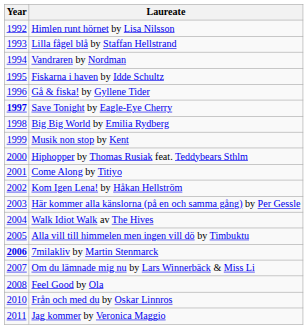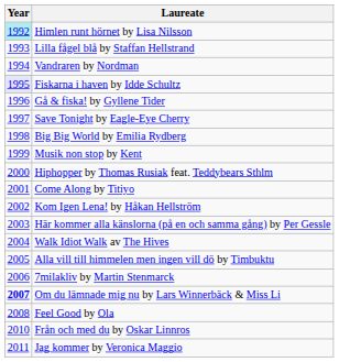 <table class="wikitable">
 <tr>
 <th>Year</th>
 <th>Laureate</th>
 </tr>
 <tr>
-<td><a href='#'>1992</a></td>
+<td style="background: paleturquoise;"><a href='#'>1992</a></td>
 <td><a href='#'>Himlen runt hörnet</a> by <a href='#'>Lisa Nilsson</a></td>
 </tr>
 <tr>
 <td><a href='#'>1993</a></td>
 <td><a href='#'>Lilla fågel blå</a> by <a href='#'>Staffan Hellstrand</a></td>
 </tr>
 <tr>
 <td><a href='#'>1994</a></td>
 <td><a href='#'>Vandraren</a> by <a href='#'>Nordman</a></td>
 </tr>
 <tr>
-<td><a href='#'>1995</a></td>
+<td style="background: lavender;"><a href='#'>1995</a></td>
 <td><a href='#'>Fiskarna i haven</a> by <a href='#'>Idde Schultz</a></td>
 </tr>
 <tr>
 <td><a href='#'>1996</a></td>
 <td><a href='#'>Gå & fiska!</a> by <a href='#'>Gyllene Tider</a></td>
 </tr>
 <tr>
-<td><strong><a href='#'>1997</a></strong></td>
+<td><a href='#'>1997</a></td>
 <td><a href='#'>Save Tonight</a> by <a href='#'>Eagle-Eye Cherry</a></td>
 </tr>
 <tr>
 <td><a href='#'>1998</a></td>
 <td><a href='#'>Big Big World</a> by <a href='#'>Emilia Rydberg</a></td>
 </tr>
 <tr>
 <td><a href='#'>1999</a></td>
 <td><a href='#'>Musik non stop</a> by <a href='#'>Kent</a></td>
 </tr>
 <tr>
 <td><a href='#'>2000</a></td>
 <td><a href='#'>Hiphopper</a> by <a href='#'>Thomas Rusiak</a> feat. <a href='#'>Teddybears Sthlm</a></td>
 </tr>
 <tr>
 <td><a href='#'>2001</a></td>
 <td><a href='#'>Come Along</a> by <a href='#'>Titiyo</a></td>
 </tr>
 <tr>
 <td><a href='#'>2002</a></td>
 <td><a href='#'>Kom Igen Lena!</a> by <a href='#'>Håkan Hellström</a></td>
 </tr>
 <tr>
 <td><a href='#'>2003</a></td>
 <td><a href='#'>Här kommer alla känslorna (på en och samma gång)</a> by <a href='#'>Per Gessle</a></td>
 </tr>
 <tr>
 <td><a href='#'>2004</a></td>
 <td><a href='#'>Walk Idiot Walk</a> av <a href='#'>The Hives</a></td>
 </tr>
 <tr>
 <td><a href='#'>2005</a></td>
 <td><a href='#'>Alla vill till himmelen men ingen vill dö</a> by <a href='#'>Timbuktu</a></td>
 </tr>
 <tr>
-<td><strong><a href='#'>2006</a></strong></td>
+<td><a href='#'>2006</a></td>
 <td><a href='#'>7milakliv</a> by <a href='#'>Martin Stenmarck</a></td>
 </tr>
 <tr>
-<td><a href='#'>2007</a></td>
+<td><strong><a href='#'>2007</a></strong></td>
 <td><a href='#'>Om du lämnade mig nu</a> by <a href='#'>Lars Winnerbäck</a> & <a href='#'>Miss Li</a></td>
 </tr>
 <tr>
 <td><a href='#'>2008</a></td>
 <td><a href='#'>Feel Good</a> by <a href='#'>Ola</a></td>
 </tr>
 <tr>
 <td><a href='#'>2010</a></td>
 <td><a href='#'>Från och med du</a> by <a href='#'>Oskar Linnros</a></td>
 </tr>
 <tr>
 <td><a href='#'>2011</a></td>
 <td><a href='#'>Jag kommer</a> by <a href='#'>Veronica Maggio</a></td>
 </tr>
 </table>
